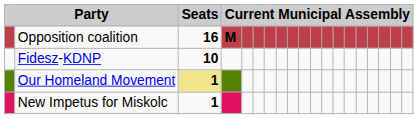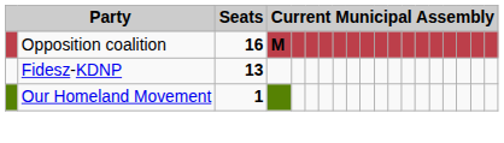 <table class="wikitable">
 <tr>
 <th style="background:#ccc" colspan="2">Party</th>
 <th style="background:#ccc">Seats</th>
 <th style="background:#ccc" colspan="16">Current Municipal Assembly</th>
 </tr>
 <tr>
 <td style="background-color: #BC3F4A"> </td>
 <td>Opposition coalition</td>
 <td style="text-align: right"><strong>16</strong></td>
 <td style="background-color: #BC3F4A"><span><strong>M</strong></span></td>
 <td style="background-color: #BC3F4A"> </td>
 <td style="background-color: #BC3F4A"> </td>
 <td style="background-color: #BC3F4A"> </td>
 <td style="background-color: #BC3F4A"> </td>
 <td style="background-color: #BC3F4A"> </td>
 <td style="background-color: #BC3F4A"> </td>
 <td style="background-color: #BC3F4A"> </td>
 <td style="background-color: #BC3F4A"> </td>
 <td style="background-color: #BC3F4A"> </td>
 <td style="background-color: #BC3F4A"> </td>
 <td style="background-color: #BC3F4A"> </td>
 <td style="background-color: #BC3F4A"> </td>
 <td style="background-color: #BC3F4A"> </td>
 <td style="background-color: #BC3F4A"> </td>
 <td style="background-color: #BC3F4A"> </td>
 </tr>
 <tr>
 <td style="background-color: "> </td>
 <td><a href='#'>Fidesz</a>-<a href='#'>KDNP</a></td>
-<td style="text-align: right"><strong>10</strong></td>
+<td style="text-align: right"><strong>13</strong></td>
 <td style="background-color: "> </td>
 <td style="background-color: "> </td>
 <td style="background-color: "> </td>
 <td style="background-color: "> </td>
 <td style="background-color: "> </td>
 <td style="background-color: "> </td>
 <td style="background-color: "> </td>
 <td style="background-color: "> </td>
 <td style="background-color: "> </td>
 <td style="background-color: "> </td>
 <td> </td>
 <td> </td>
 <td> </td>
 <td> </td>
 <td> </td>
 <td> </td>
 </tr>
 <tr>
 <td style="background-color: #568203"> </td>
 <td><a href='#'>Our Homeland Movement</a></td>
-<td style="background: khaki; text-align: right"><strong>1</strong></td>
+<td style="text-align: right"><strong>1</strong></td>
 <td style="background-color: #568203"> </td>
 <td> </td>
 <td> </td>
 <td> </td>
 <td> </td>
 <td> </td>
 <td> </td>
 <td> </td>
 <td> </td>
 <td> </td>
 <td> </td>
 <td> </td>
 <td> </td>
 <td> </td>
 <td> </td>
 <td> </td>
 </tr>
-<tr>
-<td style="background-color: #E0115F"> </td>
-<td>New Impetus for Miskolc</td>
-<td style="text-align: right"><strong>1</strong></td>
-<td style="background-color: #E0115F"> </td>
-<td> </td>
-<td> </td>
-<td> </td>
-<td> </td>
-<td> </td>
-<td> </td>
-<td> </td>
-<td> </td>
-<td> </td>
-<td> </td>
-<td> </td>
-<td> </td>
-<td> </td>
-<td> </td>
-<td> </td>
-</tr>
 </table>
